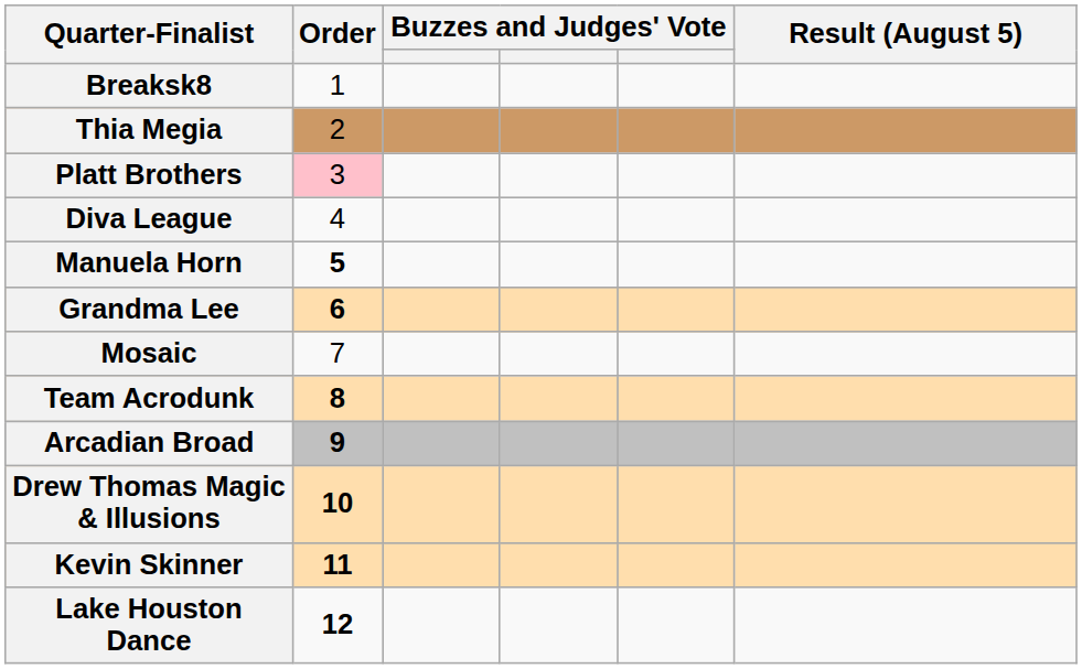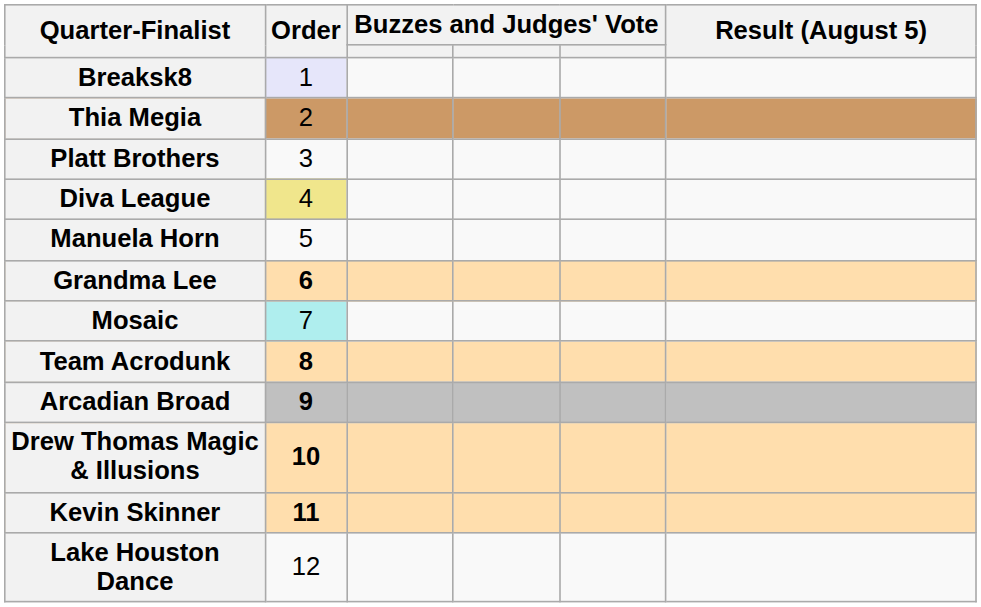 <table class="wikitable plainrowheaders sortable" style="text-align:center">
 <tr>
 <th scope="col" rowspan="2" class="unsortable" style="width:17em;">Quarter-Finalist</th>
 <th scope="col" rowspan="2" style="width:1em;">Order</th>
 <th scope="col" colspan="3" class="unsortable" style="width:24em;">Buzzes and Judges' Vote</th>
 <th scope="col" rowspan="2" style="width:23em;">Result (August 5)</th>
 </tr>
 <tr>
 <th scope="col" class="unsortable" style="width:6em;"></th>
 <th scope="col" class="unsortable" style="width:6em;"></th>
 <th scope="col" class="unsortable" style="width:6em;"></th>
 </tr>
 <tr>
 <th scope="row">Breaksk8</th>
-<td>1</td>
+<td style="background: lavender;">1</td>
 <td style="text-align:center;"></td>
 <td style="text-align:center;"></td>
 <td style="text-align:center;"></td>
 <td></td>
 </tr>
 <tr style="background:#c96;">
 <th scope="row">Thia Megia</th>
 <td>2</td>
 <td style="text-align:center;"></td>
 <td style="text-align:center;"></td>
 <td style="text-align:center;"></td>
 <td></td>
 </tr>
 <tr>
 <th scope="row">Platt Brothers</th>
-<td style="background: pink;">3</td>
+<td>3</td>
 <td style="text-align:center;"></td>
 <td style="text-align:center;"></td>
 <td style="text-align:center;"></td>
 <td></td>
 </tr>
 <tr>
 <th scope="row">Diva League</th>
-<td>4</td>
+<td style="background: khaki;">4</td>
 <td style="text-align:center;"></td>
 <td style="text-align:center;"></td>
 <td style="text-align:center;"></td>
 <td></td>
 </tr>
 <tr>
 <th scope="row">Manuela Horn</th>
-<td><strong>5</strong></td>
+<td>5</td>
 <td style="text-align:center;"></td>
 <td style="text-align:center;"></td>
 <td style="text-align:center;"></td>
 <td></td>
 </tr>
 <tr style="background:NavajoWhite;">
 <th scope="row"><strong>Grandma Lee</strong></th>
 <td><strong>6</strong></td>
 <td style="text-align: center;"></td>
 <td style="text-align: center;"></td>
 <td style="text-align: center;"></td>
 <td><strong></strong></td>
 </tr>
 <tr>
 <th scope="row">Mosaic</th>
-<td>7</td>
+<td style="background: paleturquoise;">7</td>
 <td style="text-align:center;"></td>
 <td style="text-align:center;"></td>
 <td style="text-align:center;"></td>
 <td></td>
 </tr>
 <tr style="background:NavajoWhite;">
 <th scope="row"><strong>Team Acrodunk</strong></th>
 <td><strong>8</strong></td>
 <td style="text-align:center;"></td>
 <td style="text-align:center;"></td>
 <td style="text-align:center;"></td>
 <td><strong></strong></td>
 </tr>
 <tr style="background:silver;">
 <th scope="row"><strong>Arcadian Broad</strong></th>
 <td><strong>9</strong></td>
 <td style="text-align:center;"></td>
 <td style="text-align:center;"></td>
 <td style="text-align:center;"></td>
 <td><strong></strong></td>
 </tr>
 <tr style="background:NavajoWhite;">
 <th scope="row"><strong>Drew Thomas Magic & Illusions</strong></th>
 <td><strong>10</strong></td>
 <td style="text-align:center;"></td>
 <td style="text-align:center;"></td>
 <td style="text-align:center;"></td>
 <td><strong></strong></td>
 </tr>
 <tr style="background:NavajoWhite;">
 <th scope="row"><strong>Kevin Skinner</strong></th>
 <td><strong>11</strong></td>
 <td style="text-align:center;"></td>
 <td style="text-align:center;"></td>
 <td style="text-align:center;"></td>
 <td><strong></strong></td>
 </tr>
 <tr>
 <th scope="row">Lake Houston Dance</th>
-<td><strong>12</strong></td>
+<td>12</td>
 <td style="text-align:center;"></td>
 <td style="text-align:center;"></td>
 <td style="text-align:center;"></td>
 <td></td>
 </tr>
 </table>
